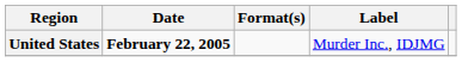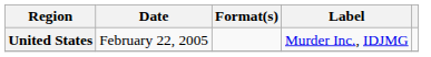 <table class="wikitable plainrowheaders">
 <tr>
 <th scope="col">Region</th>
 <th scope="col">Date</th>
 <th scope="col">Format(s)</th>
 <th scope="col">Label</th>
 <th scope="col"></th>
 </tr>
 <tr>
 <th scope="row">United States</th>
-<td><strong>February 22, 2005</strong></td>
+<td>February 22, 2005</td>
 <td></td>
 <td><a href='#'>Murder Inc.</a>, <a href='#'>IDJMG</a></td>
 <td></td>
 </tr>
 <tr>
 </tr>
 </table>
